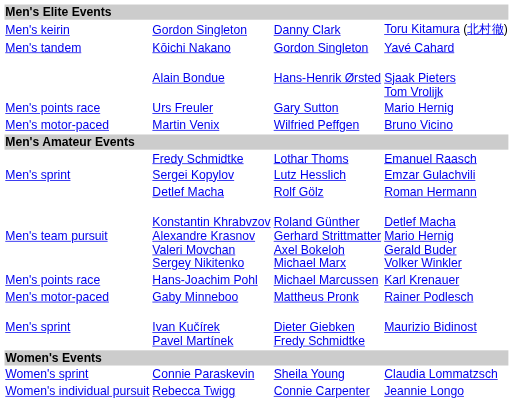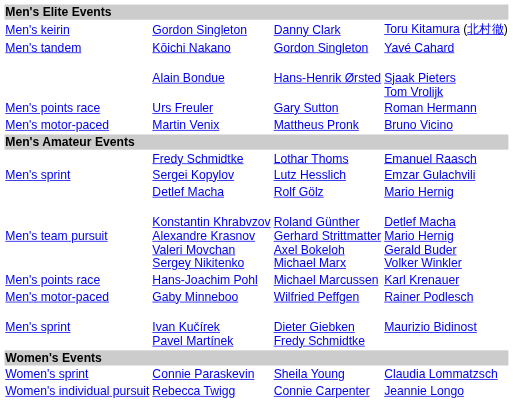 <table>
 <tr bgcolor="#cccccc">
 <td colspan=7><strong>Men's Elite Events</strong></td>
 </tr>
 <tr>
 <td><a href='#'>Men's keirin</a><br></td>
 <td><a href='#'>Gordon Singleton</a><br></td>
 <td><a href='#'>Danny Clark</a><br></td>
 <td><a href='#'>Toru Kitamura</a> (<a href='#'>北村徹</a>) <br></td>
 </tr>
 <tr>
 <td><a href='#'>Men's tandem</a><br></td>
 <td><a href='#'>Kōichi Nakano</a><br></td>
 <td><a href='#'>Gordon Singleton</a><br></td>
 <td><a href='#'>Yavé Cahard</a><br></td>
 </tr>
 <tr>
 <td><br></td>
 <td><a href='#'>Alain Bondue</a><br></td>
 <td><a href='#'>Hans-Henrik Ørsted</a><br></td>
 <td> <br><a href='#'>Sjaak Pieters</a><br> <a href='#'>Tom Vrolijk</a></td>
 </tr>
 <tr>
 <td><a href='#'>Men's points race</a><br></td>
 <td><a href='#'>Urs Freuler</a><br></td>
 <td><a href='#'>Gary Sutton</a><br></td>
-<td><a href='#'>Mario Hernig</a><br></td>
+<td><a href='#'>Roman Hermann</a><br></td>
 </tr>
 <tr>
 <td><a href='#'>Men's motor-paced</a><br></td>
 <td><a href='#'>Martin Venix</a><br></td>
-<td><a href='#'>Wilfried Peffgen</a><br></td>
+<td><a href='#'>Mattheus Pronk</a><br></td>
 <td><a href='#'>Bruno Vicino</a><br></td>
 </tr>
 <tr bgcolor="#cccccc">
 <td colspan=7><strong>Men's Amateur Events</strong></td>
 </tr>
 <tr>
 <td><br></td>
 <td><a href='#'>Fredy Schmidtke</a> <br></td>
 <td><a href='#'>Lothar Thoms</a><br></td>
 <td><a href='#'>Emanuel Raasch</a><br></td>
 </tr>
 <tr>
 <td><a href='#'>Men's sprint</a> <br></td>
 <td><a href='#'>Sergei Kopylov</a> <br></td>
 <td><a href='#'>Lutz Hesslich</a> <br></td>
 <td><a href='#'>Emzar Gulachvili</a> <br></td>
 </tr>
 <tr>
 <td><br></td>
 <td><a href='#'>Detlef Macha</a><br></td>
 <td><a href='#'>Rolf Gölz</a><br></td>
-<td><a href='#'>Roman Hermann</a><br></td>
+<td><a href='#'>Mario Hernig</a><br></td>
 </tr>
 <tr>
 <td><a href='#'>Men's team pursuit</a><br></td>
 <td> <br> <a href='#'>Konstantin Khrabvzov</a> <br> <a href='#'>Alexandre Krasnov</a> <br> <a href='#'>Valeri Movchan</a> <br> <a href='#'>Sergey Nikitenko</a></td>
 <td> <br> <a href='#'>Roland Günther</a> <br> <a href='#'>Gerhard Strittmatter</a> <br> <a href='#'>Axel Bokeloh</a> <br> <a href='#'>Michael Marx</a></td>
 <td> <br> <a href='#'>Detlef Macha</a><br> <a href='#'>Mario Hernig</a> <br> <a href='#'>Gerald Buder</a> <br> <a href='#'>Volker Winkler</a></td>
 </tr>
 <tr>
 <td><a href='#'>Men's points race</a><br></td>
 <td><a href='#'>Hans-Joachim Pohl</a><br></td>
 <td><a href='#'>Michael Marcussen</a><br></td>
 <td><a href='#'>Karl Krenauer</a><br></td>
 </tr>
 <tr>
 <td><a href='#'>Men's motor-paced</a><br></td>
 <td><a href='#'>Gaby Minneboo</a><br></td>
-<td><a href='#'>Mattheus Pronk</a><br></td>
+<td><a href='#'>Wilfried Peffgen</a><br></td>
 <td><a href='#'>Rainer Podlesch</a><br></td>
 </tr>
 <tr>
 <td><a href='#'>Men's sprint</a> <br></td>
 <td> <br><a href='#'>Ivan Kučírek</a><br> <a href='#'>Pavel Martínek</a></td>
 <td> <br><a href='#'>Dieter Giebken</a><br> <a href='#'>Fredy Schmidtke</a></td>
 <td><a href='#'>Maurizio Bidinost</a><br></td>
 </tr>
 <tr bgcolor="#cccccc">
 <td colspan=7><strong>Women's Events</strong></td>
 </tr>
 <tr>
 <td><a href='#'>Women's sprint</a><br></td>
 <td><a href='#'>Connie Paraskevin</a><br></td>
 <td><a href='#'>Sheila Young</a><br></td>
 <td><a href='#'>Claudia Lommatzsch</a><br></td>
 </tr>
 <tr>
 <td><a href='#'>Women's individual pursuit</a><br></td>
 <td><a href='#'>Rebecca Twigg</a><br></td>
 <td><a href='#'>Connie Carpenter</a><br></td>
 <td><a href='#'>Jeannie Longo</a><br></td>
 </tr>
 </table>
